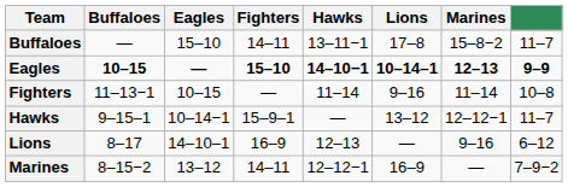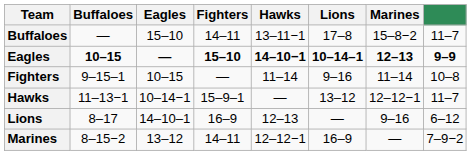 <table class="wikitable plainrowheaders" style="text-align:center;">
 <tr>
 <th>Team</th>
 <th>Buffaloes</th>
 <th>Eagles</th>
 <th>Fighters</th>
 <th>Hawks</th>
 <th>Lions</th>
 <th>Marines</th>
 <th style="background:#2e8b57; color:white;"></th>
 </tr>
 <tr>
 <th scope="row" style="text-align:left;">Buffaloes</th>
 <td>—</td>
 <td>15–10</td>
 <td>14–11</td>
 <td>13–11−1</td>
 <td>17–8</td>
 <td>15–8−2</td>
 <td>11–7</td>
 </tr>
 <tr>
 <th scope="row" style="text-align:left;"><strong>Eagles</strong></th>
 <td><strong>10–15</strong></td>
 <td><strong>—</strong></td>
 <td><strong>15–10</strong></td>
 <td><strong>14–10−1</strong></td>
 <td><strong>10–14–1</strong></td>
 <td><strong>12–13</strong></td>
 <td><strong>9–9</strong></td>
 </tr>
 <tr>
 <th scope="row" style="text-align:left;">Fighters</th>
-<td>11–13−1</td>
+<td>9–15–1</td>
 <td>10–15</td>
 <td>—</td>
 <td>11–14</td>
 <td>9–16</td>
 <td>11–14</td>
 <td>10–8</td>
 </tr>
 <tr>
 <th scope="row" style="text-align:left;">Hawks</th>
-<td>9–15–1</td>
+<td>11–13−1</td>
 <td>10–14−1</td>
 <td>15–9–1</td>
 <td>—</td>
 <td>13–12</td>
 <td>12–12−1</td>
 <td>11–7</td>
 </tr>
 <tr>
 <th scope="row" style="text-align:left;">Lions</th>
 <td>8–17</td>
 <td>14–10–1</td>
 <td>16–9</td>
 <td>12–13</td>
 <td>—</td>
 <td>9–16</td>
 <td>6–12</td>
 </tr>
 <tr>
 <th scope="row" style="text-align:left;">Marines</th>
 <td>8–15−2</td>
 <td>13–12</td>
 <td>14–11</td>
 <td>12–12−1</td>
 <td>16–9</td>
 <td>—</td>
 <td>7–9−2</td>
 </tr>
 </table>
